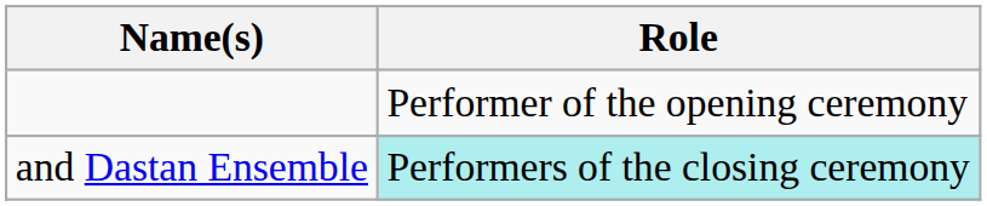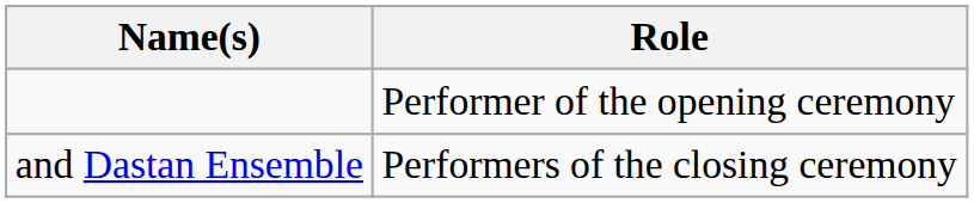 <table class="wikitable sortable">
 <tr>
 <th>Name(s)</th>
 <th>Role</th>
 </tr>
 <tr>
 <td></td>
 <td>Performer of the opening ceremony</td>
 </tr>
 <tr>
 <td> and <a href='#'>Dastan Ensemble</a></td>
-<td style="background: paleturquoise;">Performers of the closing ceremony</td>
+<td>Performers of the closing ceremony</td>
 </tr>
 </table>
